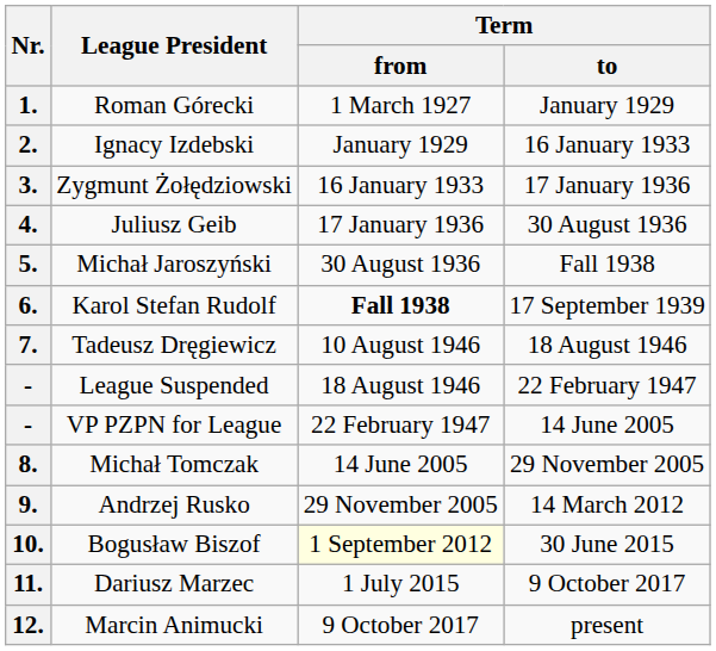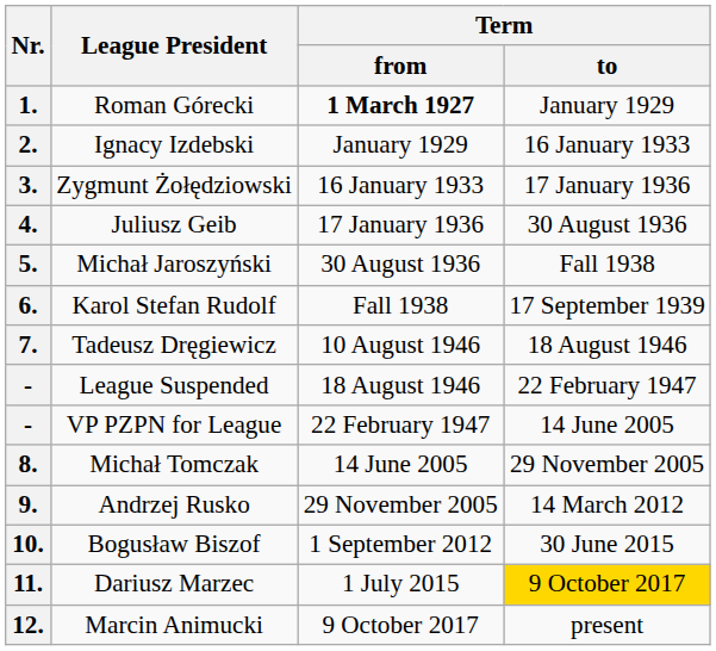 <table class=wikitable>
 <tr>
 <th rowspan=2>Nr.</th>
 <th rowspan=2>League President</th>
 <th colspan=2>Term</th>
 </tr>
 <tr>
 <th>from</th>
 <th>to</th>
 </tr>
 <tr align=center>
 <th>1.</th>
 <td align="center">Roman Górecki</td>
-<td>1 March 1927</td>
+<td><strong>1 March 1927</strong></td>
 <td>January 1929</td>
 </tr>
 <tr align=center>
 <th>2.</th>
 <td align="center">Ignacy Izdebski</td>
 <td>January 1929</td>
 <td>16 January 1933</td>
 </tr>
 <tr align=center>
 <th>3.</th>
 <td align="center">Zygmunt Żołędziowski</td>
 <td>16 January 1933</td>
 <td>17 January 1936</td>
 </tr>
 <tr align=center>
 <th>4.</th>
 <td align="center">Juliusz Geib</td>
 <td>17 January 1936</td>
 <td>30 August 1936</td>
 </tr>
 <tr align=center>
 <th>5.</th>
 <td align="center">Michał Jaroszyński</td>
 <td>30 August 1936</td>
 <td>Fall 1938</td>
 </tr>
 <tr align=center>
 <th>6.</th>
 <td align="center">Karol Stefan Rudolf</td>
-<td><strong>Fall 1938</strong></td>
+<td>Fall 1938</td>
 <td>17 September 1939</td>
 </tr>
 <tr align=center>
 <th>7.</th>
 <td align="center">Tadeusz Dręgiewicz</td>
 <td>10 August 1946</td>
 <td>18 August 1946</td>
 </tr>
 <tr align=center>
 <th>-</th>
 <td align="center">League Suspended</td>
 <td>18 August 1946</td>
 <td>22 February 1947</td>
 </tr>
 <tr align=center>
 <th>-</th>
 <td align="center">VP PZPN for League</td>
 <td>22 February 1947</td>
 <td>14 June 2005</td>
 </tr>
 <tr align=center>
 <th>8.</th>
 <td align="center">Michał Tomczak</td>
 <td>14 June 2005</td>
 <td>29 November 2005</td>
 </tr>
 <tr align=center>
 <th>9.</th>
 <td align="center">Andrzej Rusko</td>
 <td>29 November 2005</td>
 <td>14 March 2012</td>
 </tr>
 <tr align=center>
 <th>10.</th>
 <td align="center">Bogusław Biszof</td>
-<td style="background: lightyellow;">1 September 2012</td>
+<td>1 September 2012</td>
 <td>30 June 2015</td>
 </tr>
 <tr align=center>
 <th>11.</th>
 <td align="center">Dariusz Marzec</td>
 <td>1 July 2015</td>
-<td>9 October 2017</td>
+<td style="background: gold;">9 October 2017</td>
 </tr>
 <tr align=center>
 <th>12.</th>
 <td align="center">Marcin Animucki</td>
 <td>9 October 2017</td>
 <td>present</td>
 </tr>
 </table>
